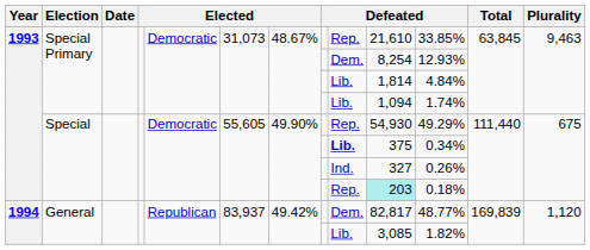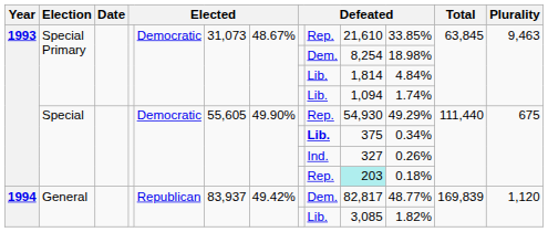 <table class=wikitable>
 <tr>
 <th>Year</th>
 <th>Election</th>
 <th>Date</th>
 <th ! colspan="4">Elected</th>
 <th ! colspan="4">Defeated</th>
 <th>Total</th>
 <th>Plurality</th>
 </tr>
 <tr>
 <th rowspan="8" valign="top"><a href='#'>1993</a></th>
 <td rowspan="4" valign="top">Special<br>Primary</td>
 <td rowspan="4" valign="top"></td>
 <td rowspan="4" valign="top"></td>
 <td rowspan="4" valign="top" ><a href='#'>Democratic</a></td>
 <td rowspan="4" valign="top" align="right">31,073</td>
 <td rowspan="4" valign="top" align="right">48.67%</td>
 <td valign="top"></td>
 <td valign="top" ><a href='#'>Rep.</a></td>
 <td valign="top" align="right">21,610</td>
 <td valign="top" align="right">33.85%</td>
 <td rowspan="4" valign="top" align="right">63,845</td>
 <td rowspan="4" valign="top" align="right">9,463</td>
 </tr>
 <tr>
 <td valign="top"></td>
 <td valign="top" ><a href='#'>Dem.</a></td>
 <td valign="top" align="right">8,254</td>
-<td valign="top" align="right">12.93%</td>
+<td valign="top" align="right">18.98%</td>
 </tr>
 <tr>
 <td valign="top"></td>
 <td valign="top" ><a href='#'>Lib.</a></td>
 <td valign="top" align="right">1,814</td>
 <td valign="top" align="right">4.84%</td>
 </tr>
 <tr>
 <td valign="top"></td>
 <td valign="top" ><a href='#'>Lib.</a></td>
 <td valign="top" align="right">1,094</td>
 <td valign="top" align="right">1.74%</td>
 </tr>
 <tr>
 <td rowspan="4" valign="top">Special</td>
 <td rowspan="4" valign="top"></td>
 <td rowspan="4" valign="top"></td>
 <td rowspan="4" valign="top" ><a href='#'>Democratic</a></td>
 <td rowspan="4" valign="top" align="right">55,605</td>
 <td rowspan="4" valign="top" align="right">49.90%</td>
 <td valign="top"></td>
 <td valign="top" ><a href='#'>Rep.</a></td>
 <td valign="top" align="right">54,930</td>
 <td valign="top" align="right">49.29%</td>
 <td rowspan="4" valign="top" align="right">111,440</td>
 <td rowspan="4" valign="top" align="right">675</td>
 </tr>
 <tr>
 <td valign="top"></td>
 <td valign="top" ><strong><a href='#'>Lib.</a></strong></td>
 <td valign="top" align="right">375</td>
 <td valign="top" align="right">0.34%</td>
 </tr>
 <tr>
 <td valign="top"></td>
 <td valign="top" ><a href='#'>Ind.</a></td>
 <td valign="top" align="right">327</td>
 <td valign="top" align="right">0.26%</td>
 </tr>
 <tr>
 <td valign="top"></td>
 <td valign="top" ><a href='#'>Rep.</a></td>
 <td valign="top" align="right" style="background: paleturquoise;">203</td>
 <td valign="top" align="right">0.18%</td>
 </tr>
 <tr>
 <th rowspan="2" valign="top"><a href='#'>1994</a></th>
 <td rowspan="2" valign="top">General</td>
 <td rowspan="2" valign="top"></td>
 <td rowspan="2" valign="top"></td>
 <td rowspan="2" valign="top" ><a href='#'>Republican</a></td>
 <td rowspan="2" valign="top" align="right">83,937</td>
 <td rowspan="2" valign="top" align="right">49.42%</td>
 <td valign="top"></td>
 <td valign="top" ><a href='#'>Dem.</a></td>
 <td valign="top" align="right">82,817</td>
 <td valign="top" align="right">48.77%</td>
 <td rowspan="2" valign="top" align="right">169,839</td>
 <td rowspan="2" valign="top" align="right">1,120</td>
 </tr>
 <tr>
 <td valign="top"></td>
 <td valign="top" ><a href='#'>Lib.</a></td>
 <td valign="top" align="right">3,085</td>
 <td valign="top" align="right">1.82%</td>
 </tr>
 </table>
